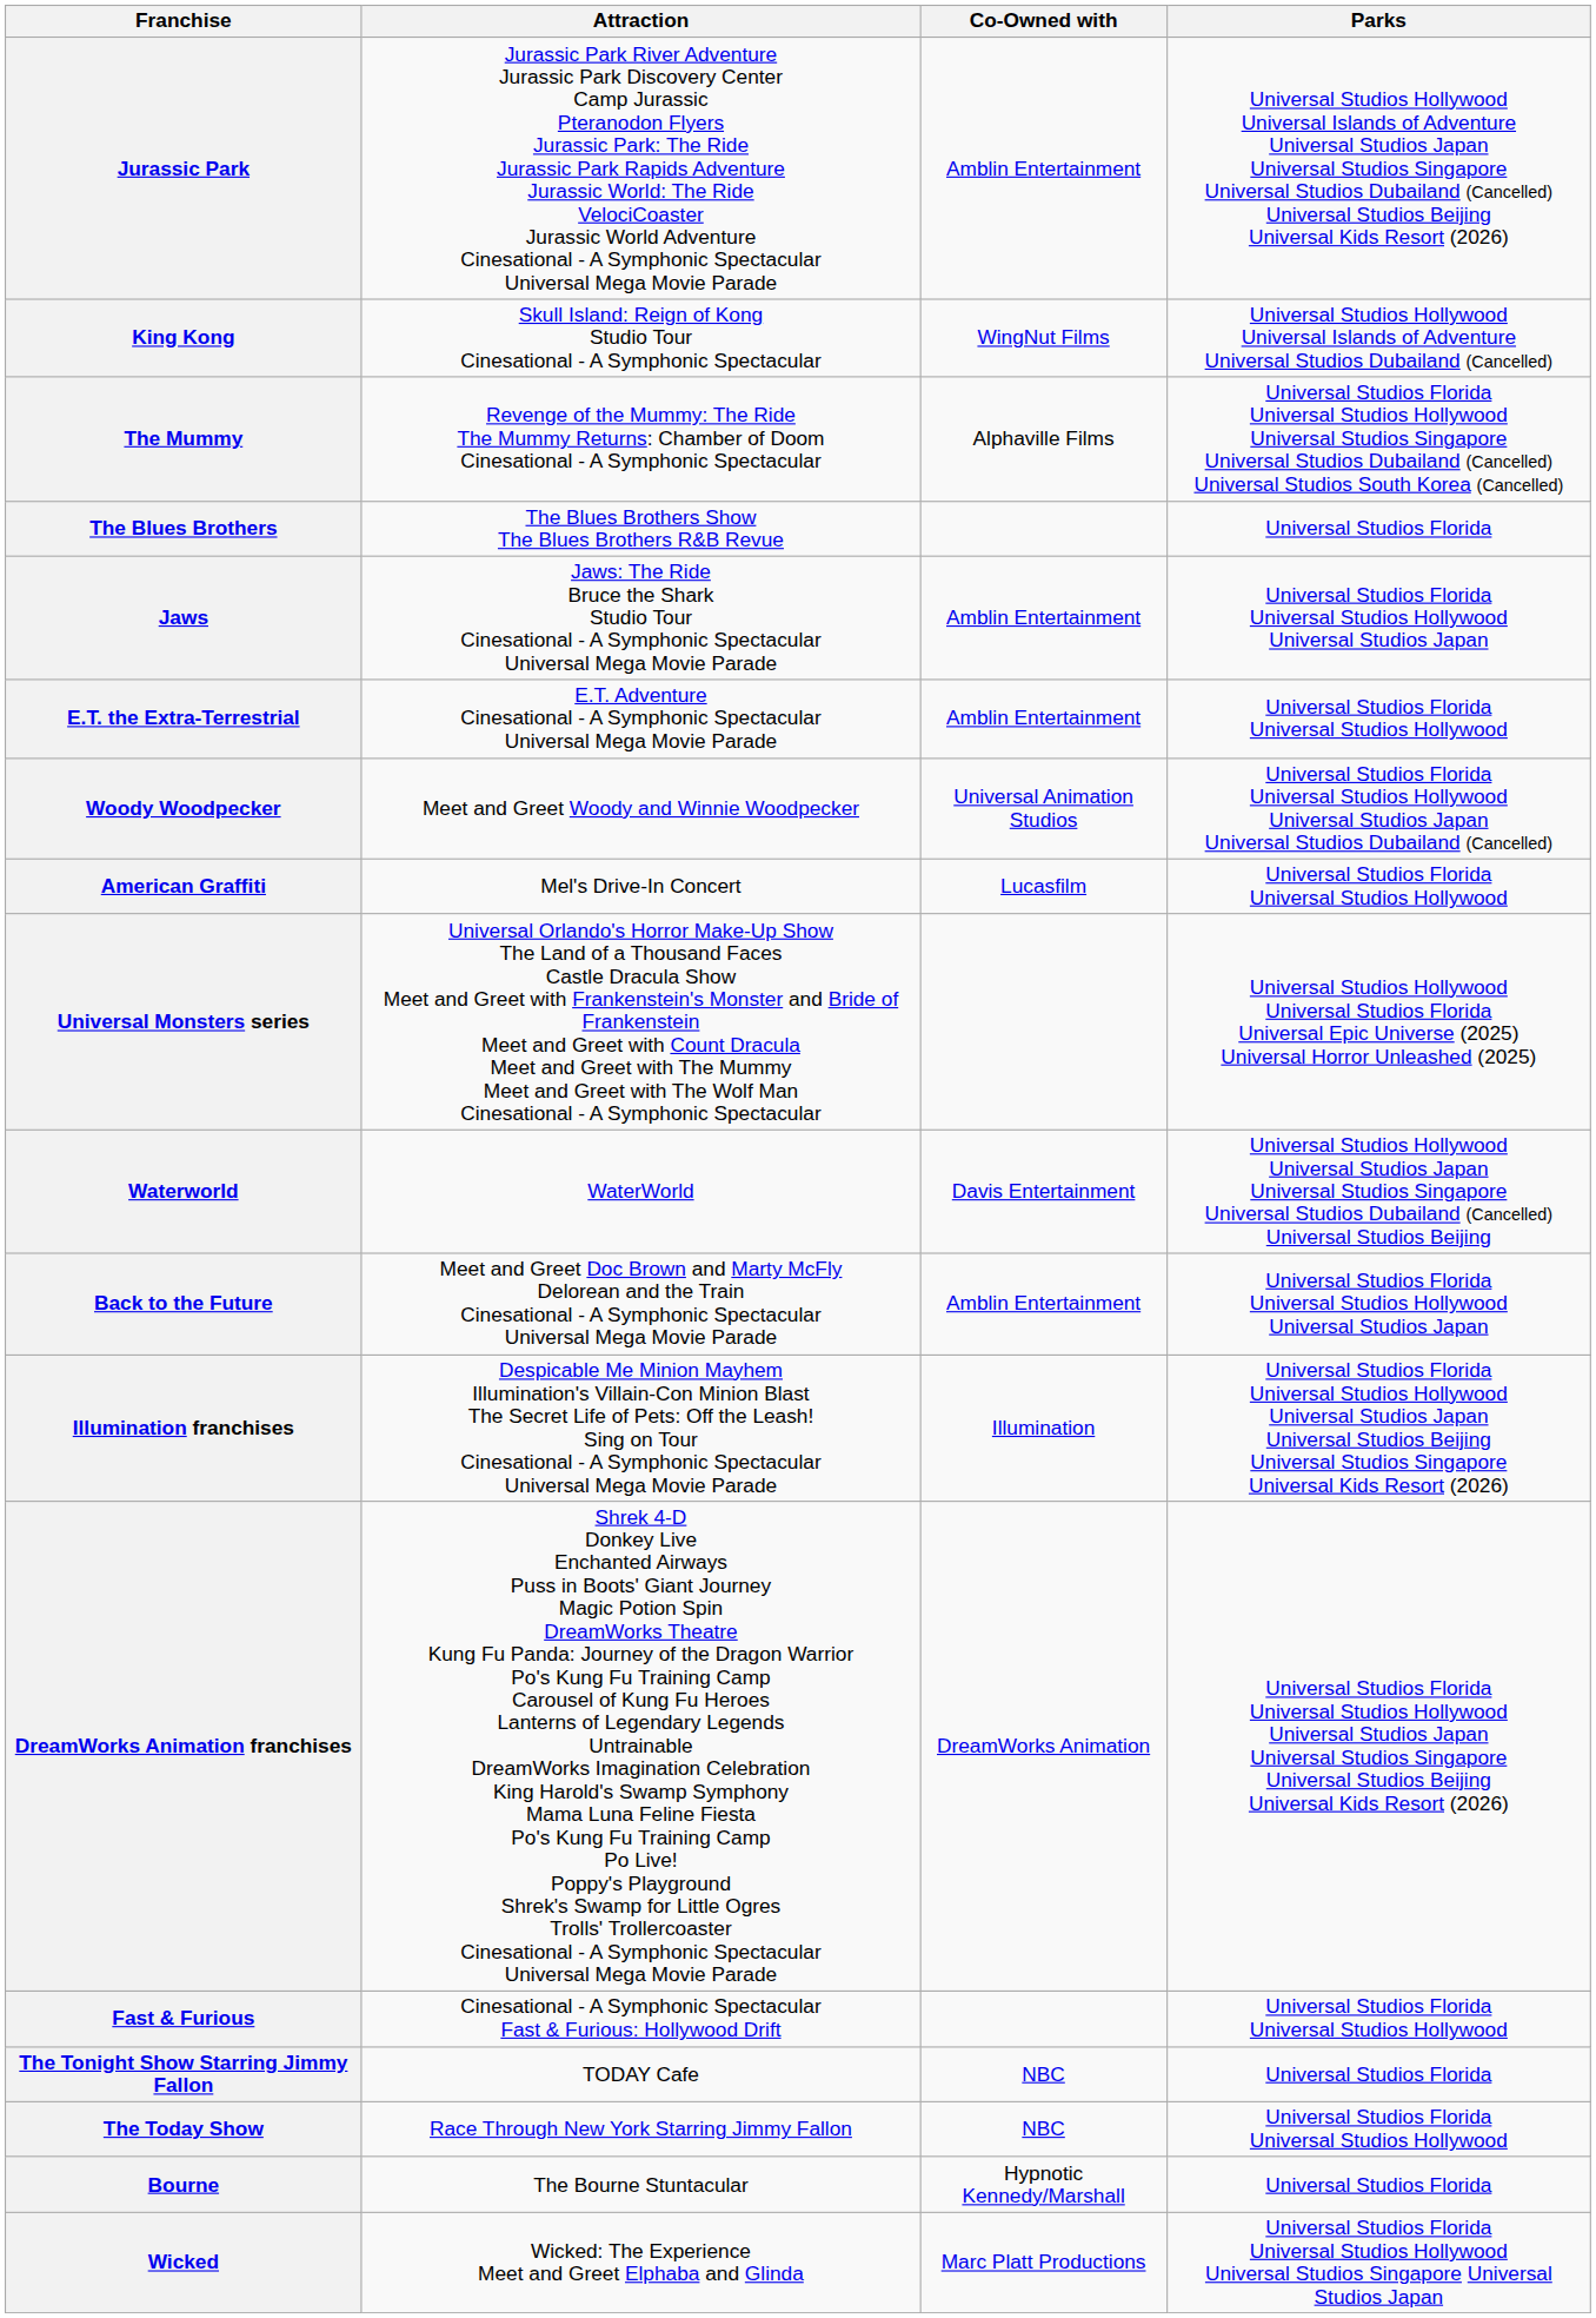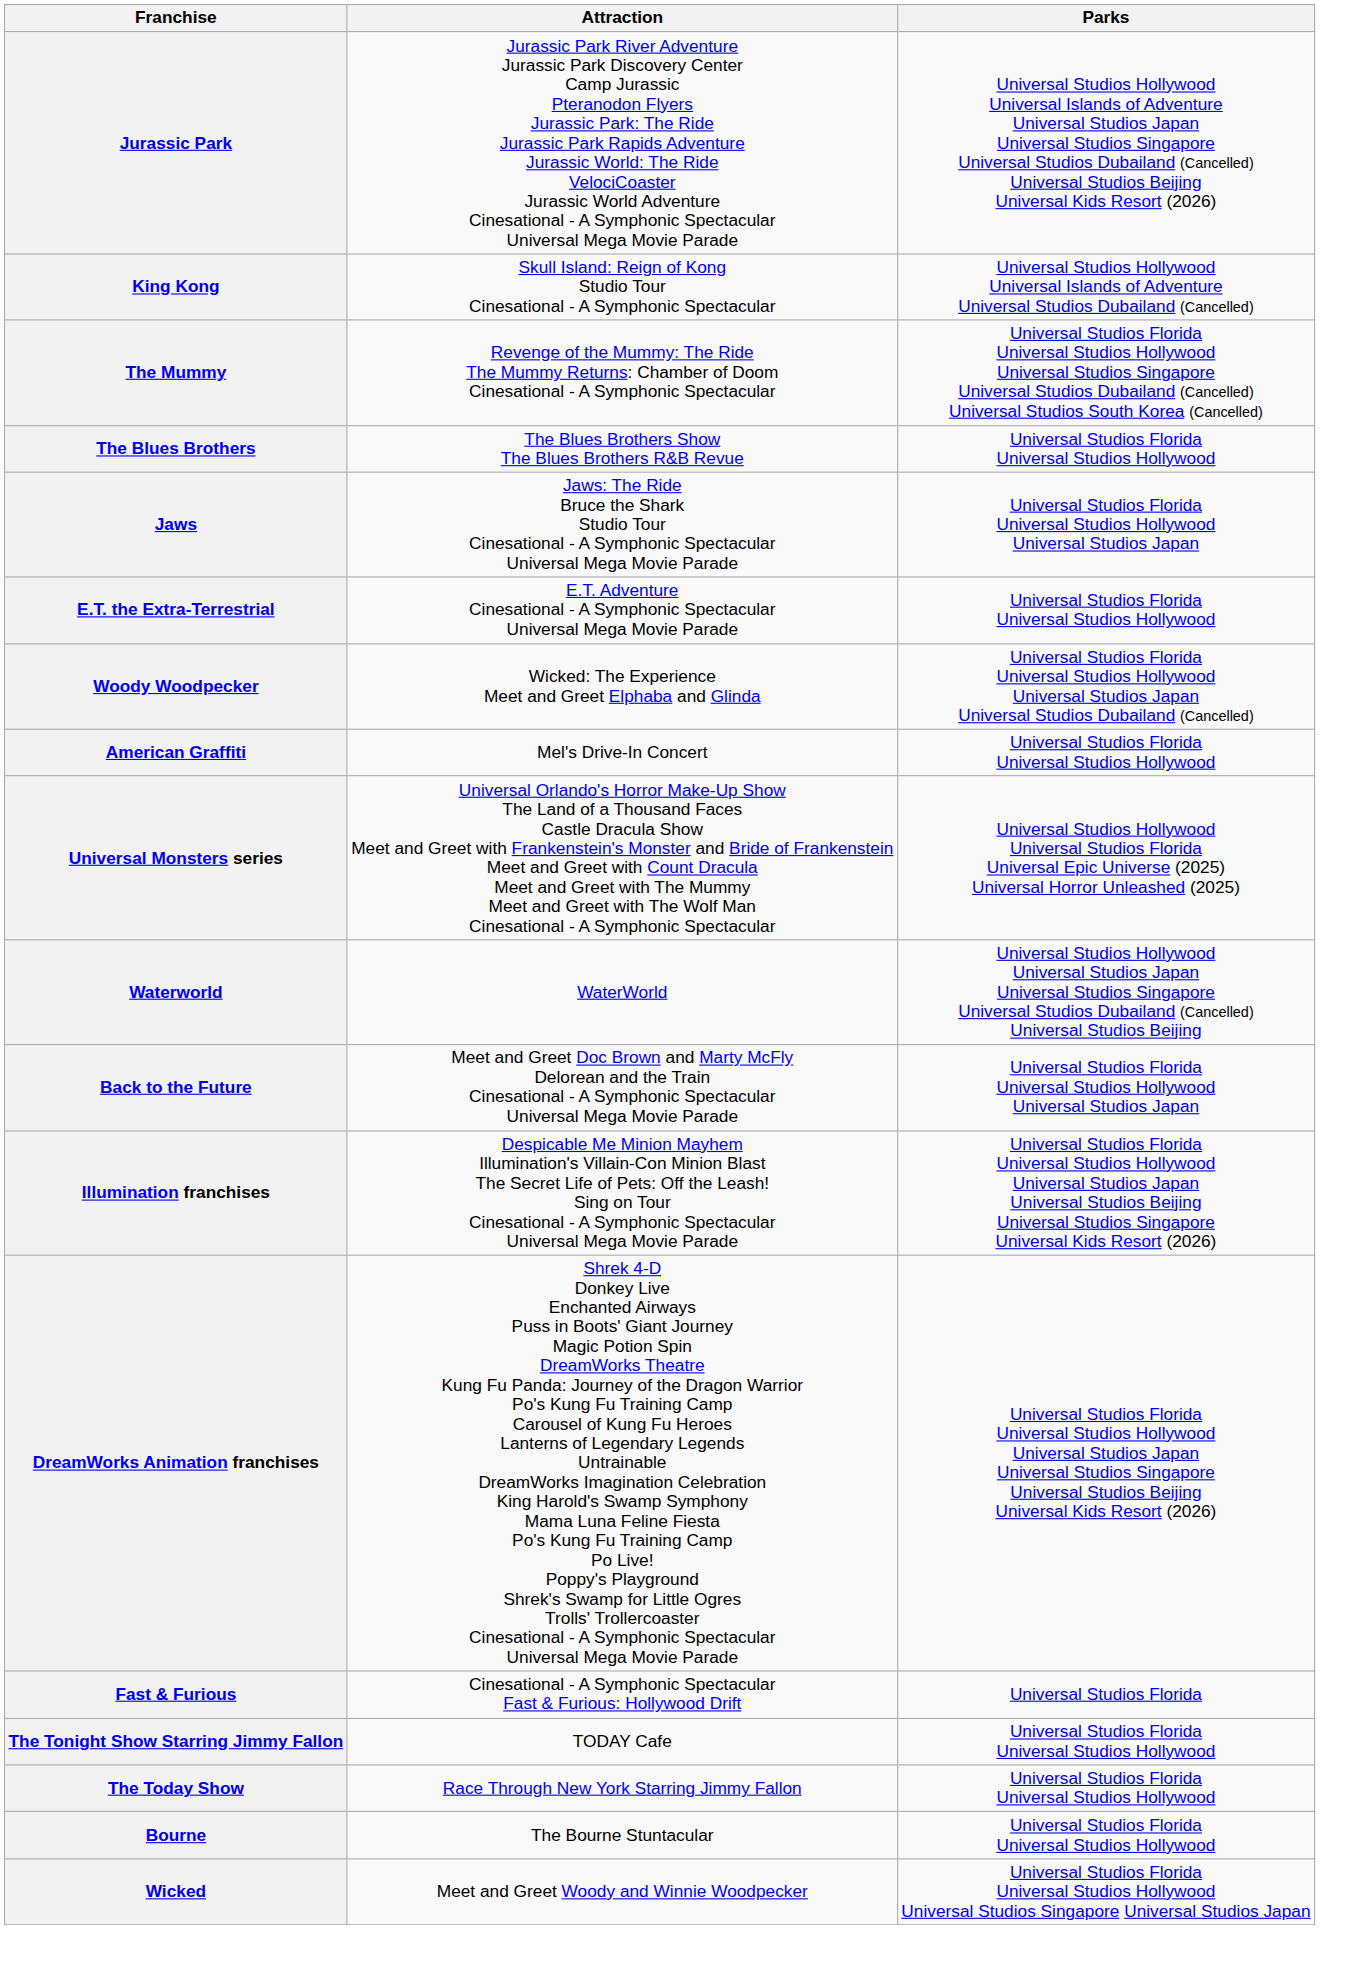 <table class="wikitable sortable" style="text-align: center;"align="center">
 <tr>
 <th>Franchise</th>
 <th>Attraction</th>
-<th>Co-Owned with</th>
 <th>Parks</th>
 </tr>
 <tr>
 <th><a href='#'>Jurassic Park</a></th>
 <td><a href='#'>Jurassic Park River Adventure</a><br>Jurassic Park Discovery Center<br>Camp Jurassic<br><a href='#'>Pteranodon Flyers</a><br><a href='#'>Jurassic Park: The Ride</a><br><a href='#'>Jurassic Park Rapids Adventure</a><br><a href='#'>Jurassic World: The Ride</a><br><a href='#'>VelociCoaster</a><br>Jurassic World Adventure<br>Cinesational - A Symphonic Spectacular<br>Universal Mega Movie Parade</td>
-<td><a href='#'>Amblin Entertainment</a></td>
 <td><a href='#'>Universal Studios Hollywood</a><br><a href='#'>Universal Islands of Adventure</a><br><a href='#'>Universal Studios Japan</a><br><a href='#'>Universal Studios Singapore</a><br><a href='#'>Universal Studios Dubailand</a> <small>(Cancelled)</small><br><a href='#'>Universal Studios Beijing</a><br><a href='#'>Universal Kids Resort</a> (2026)</td>
 </tr>
 <tr>
 <th><a href='#'>King Kong</a></th>
 <td><a href='#'>Skull Island: Reign of Kong</a><br> Studio Tour<br>Cinesational - A Symphonic Spectacular</td>
-<td><a href='#'>WingNut Films</a></td>
 <td><a href='#'>Universal Studios Hollywood</a><br><a href='#'>Universal Islands of Adventure</a><br><a href='#'>Universal Studios Dubailand</a> <small>(Cancelled)</small></td>
 </tr>
 <tr>
 <th><a href='#'>The Mummy</a></th>
 <td><a href='#'>Revenge of the Mummy: The Ride</a><br><a href='#'>The Mummy Returns</a>: Chamber of Doom<br>Cinesational - A Symphonic Spectacular</td>
-<td>Alphaville Films</td>
 <td><a href='#'>Universal Studios Florida</a><br><a href='#'>Universal Studios Hollywood</a><br><a href='#'>Universal Studios Singapore</a><br><a href='#'>Universal Studios Dubailand</a> <small>(Cancelled)</small><br><a href='#'>Universal Studios South Korea</a> <small>(Cancelled)</small></td>
 </tr>
 <tr>
 <th><a href='#'>The Blues Brothers</a></th>
 <td><a href='#'>The Blues Brothers Show</a><br><a href='#'>The Blues Brothers R&B Revue</a></td>
-<td></td>
-<td><a href='#'>Universal Studios Florida</a></td>
+<td><a href='#'>Universal Studios Florida</a><br><a href='#'>Universal Studios Hollywood</a></td>
 </tr>
 <tr>
 <th><a href='#'>Jaws</a></th>
 <td><a href='#'>Jaws: The Ride</a><br>Bruce the Shark<br>Studio Tour<br>Cinesational - A Symphonic Spectacular<br>Universal Mega Movie Parade</td>
-<td><a href='#'>Amblin Entertainment</a></td>
 <td><a href='#'>Universal Studios Florida</a><br><a href='#'>Universal Studios Hollywood</a><br><a href='#'>Universal Studios Japan</a></td>
 </tr>
 <tr>
 <th><a href='#'>E.T. the Extra-Terrestrial</a></th>
 <td><a href='#'>E.T. Adventure</a><br>Cinesational - A Symphonic Spectacular<br>Universal Mega Movie Parade</td>
-<td><a href='#'>Amblin Entertainment</a></td>
 <td><a href='#'>Universal Studios Florida</a><br><a href='#'>Universal Studios Hollywood</a></td>
 </tr>
 <tr>
 <th><a href='#'>Woody Woodpecker</a></th>
-<td>Meet and Greet <a href='#'>Woody and Winnie Woodpecker</a></td>
-<td><a href='#'>Universal Animation Studios</a></td>
+<td>Wicked: The Experience<br>Meet and Greet <a href='#'>Elphaba</a> and <a href='#'>Glinda</a></td>
 <td><a href='#'>Universal Studios Florida</a><br><a href='#'>Universal Studios Hollywood</a><br><a href='#'>Universal Studios Japan</a><br><a href='#'>Universal Studios Dubailand</a> <small>(Cancelled)</small></td>
 </tr>
 <tr>
 <th><a href='#'>American Graffiti</a></th>
 <td>Mel's Drive-In Concert</td>
-<td><a href='#'>Lucasfilm</a></td>
 <td><a href='#'>Universal Studios Florida</a><br><a href='#'>Universal Studios Hollywood</a></td>
 </tr>
 <tr>
 <th><a href='#'>Universal Monsters</a> series</th>
 <td><a href='#'>Universal Orlando's Horror Make-Up Show</a><br>The Land of a Thousand Faces<br>Castle Dracula Show<br>Meet and Greet with <a href='#'>Frankenstein's Monster</a> and <a href='#'>Bride of Frankenstein</a><br>Meet and Greet with <a href='#'>Count Dracula</a><br>Meet and Greet with The Mummy<br>Meet and Greet with The Wolf Man<br>Cinesational - A Symphonic Spectacular</td>
-<td></td>
 <td><a href='#'>Universal Studios Hollywood</a><br><a href='#'>Universal Studios Florida</a><br><a href='#'>Universal Epic Universe</a> (2025)<br><a href='#'>Universal Horror Unleashed</a> (2025)</td>
 </tr>
 <tr>
 <th><a href='#'>Waterworld</a></th>
 <td><a href='#'>WaterWorld</a></td>
-<td><a href='#'>Davis Entertainment</a></td>
 <td><a href='#'>Universal Studios Hollywood</a><br><a href='#'>Universal Studios Japan</a><br><a href='#'>Universal Studios Singapore</a><br><a href='#'>Universal Studios Dubailand</a> <small>(Cancelled)</small><br><a href='#'>Universal Studios Beijing</a></td>
 </tr>
 <tr>
 <th><a href='#'>Back to the Future</a></th>
 <td>Meet and Greet <a href='#'>Doc Brown</a> and <a href='#'>Marty McFly</a><br>Delorean and the Train<br>Cinesational - A Symphonic Spectacular<br>Universal Mega Movie Parade</td>
-<td><a href='#'>Amblin Entertainment</a></td>
 <td><a href='#'>Universal Studios Florida</a><br><a href='#'>Universal Studios Hollywood</a><br><a href='#'>Universal Studios Japan</a></td>
 </tr>
 <tr>
 <th><a href='#'>Illumination</a> franchises</th>
 <td><a href='#'>Despicable Me Minion Mayhem</a><br>Illumination's Villain-Con Minion Blast<br>The Secret Life of Pets: Off the Leash!<br>Sing on Tour<br>Cinesational - A Symphonic Spectacular<br>Universal Mega Movie Parade</td>
-<td><a href='#'>Illumination</a></td>
 <td><a href='#'>Universal Studios Florida</a><br><a href='#'>Universal Studios Hollywood</a><br><a href='#'>Universal Studios Japan</a><br><a href='#'>Universal Studios Beijing</a><br><a href='#'>Universal Studios Singapore</a><br><a href='#'>Universal Kids Resort</a> (2026)</td>
 </tr>
 <tr>
 <th><a href='#'>DreamWorks Animation</a> franchises</th>
 <td><a href='#'>Shrek 4-D</a><br>Donkey Live<br>Enchanted Airways<br>Puss in Boots' Giant Journey<br>Magic Potion Spin<br><a href='#'>DreamWorks Theatre</a><br>Kung Fu Panda: Journey of the Dragon Warrior<br>Po's Kung Fu Training Camp<br>Carousel of Kung Fu Heroes<br>Lanterns of Legendary Legends<br>Untrainable<br>DreamWorks Imagination Celebration<br>King Harold's Swamp Symphony <br>Mama Luna Feline Fiesta<br>Po's Kung Fu Training Camp<br>Po Live!<br>Poppy's Playground<br>Shrek's Swamp for Little Ogres<br>Trolls' Trollercoaster<br>Cinesational - A Symphonic Spectacular<br>Universal Mega Movie Parade</td>
-<td><a href='#'>DreamWorks Animation</a></td>
 <td><a href='#'>Universal Studios Florida</a><br><a href='#'>Universal Studios Hollywood</a><br><a href='#'>Universal Studios Japan</a><br><a href='#'>Universal Studios Singapore</a><br><a href='#'>Universal Studios Beijing</a><br><a href='#'>Universal Kids Resort</a> (2026)</td>
 </tr>
 <tr>
 <th><a href='#'>Fast & Furious</a></th>
 <td>Cinesational - A Symphonic Spectacular<br><a href='#'>Fast & Furious: Hollywood Drift</a></td>
-<td></td>
-<td><a href='#'>Universal Studios Florida</a><br><a href='#'>Universal Studios Hollywood</a></td>
+<td><a href='#'>Universal Studios Florida</a></td>
 </tr>
 <tr>
 <th><a href='#'>The Tonight Show Starring Jimmy Fallon</a></th>
 <td>TODAY Cafe</td>
-<td><a href='#'>NBC</a></td>
-<td><a href='#'>Universal Studios Florida</a></td>
+<td><a href='#'>Universal Studios Florida</a><br><a href='#'>Universal Studios Hollywood</a></td>
 </tr>
 <tr>
 <th><a href='#'>The Today Show</a></th>
 <td><a href='#'>Race Through New York Starring Jimmy Fallon</a></td>
-<td><a href='#'>NBC</a></td>
 <td><a href='#'>Universal Studios Florida</a><br><a href='#'>Universal Studios Hollywood</a></td>
 </tr>
 <tr>
 <th><a href='#'>Bourne</a></th>
 <td>The Bourne Stuntacular</td>
-<td>Hypnotic<br><a href='#'>Kennedy/Marshall</a></td>
-<td><a href='#'>Universal Studios Florida</a></td>
+<td><a href='#'>Universal Studios Florida</a><br><a href='#'>Universal Studios Hollywood</a></td>
 </tr>
 <tr>
 <th><a href='#'>Wicked</a></th>
-<td>Wicked: The Experience<br>Meet and Greet <a href='#'>Elphaba</a> and <a href='#'>Glinda</a></td>
-<td><a href='#'>Marc Platt Productions</a></td>
+<td>Meet and Greet <a href='#'>Woody and Winnie Woodpecker</a></td>
 <td><a href='#'>Universal Studios Florida</a><br><a href='#'>Universal Studios Hollywood</a><br><a href='#'>Universal Studios Singapore</a> <a href='#'>Universal Studios Japan</a></td>
 </tr>
 </table>
